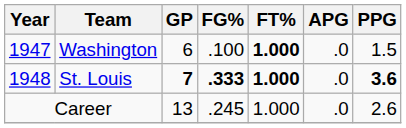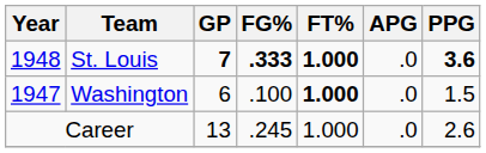 <table class="wikitable sortable" style="font-size:95%; text-align:right;">
 <tr>
 <th>Year</th>
 <th>Team</th>
 <th>GP</th>
 <th>FG%</th>
 <th>FT%</th>
 <th>APG</th>
 <th>PPG</th>
 </tr>
 <tr>
+<td style="text-align:left;"><a href='#'>1948</a></td>
+<td style="text-align:left;"><a href='#'>St. Louis</a></td>
+<td><strong>7</strong></td>
+<td><strong>.333</strong></td>
+<td><strong>1.000</strong></td>
+<td>.0</td>
+<td><strong>3.6</strong></td>
+</tr>
+<tr>
 <td style="text-align:left;"><a href='#'>1947</a></td>
 <td style="text-align:left;"><a href='#'>Washington</a></td>
 <td>6</td>
 <td>.100</td>
 <td><strong>1.000</strong></td>
 <td>.0</td>
 <td>1.5</td>
-</tr>
-<tr>
-<td style="text-align:left;"><a href='#'>1948</a></td>
-<td style="text-align:left;"><a href='#'>St. Louis</a></td>
-<td><strong>7</strong></td>
-<td><strong>.333</strong></td>
-<td><strong>1.000</strong></td>
-<td>.0</td>
-<td><strong>3.6</strong></td>
 </tr>
 <tr>
 <td style="text-align:center;" colspan="2">Career</td>
 <td>13</td>
 <td>.245</td>
 <td>1.000</td>
 <td>.0</td>
 <td>2.6</td>
 </tr>
 <tr>
 </tr>
 </table>
